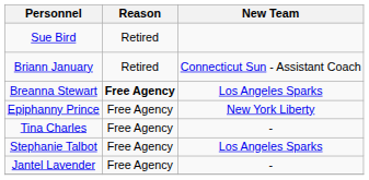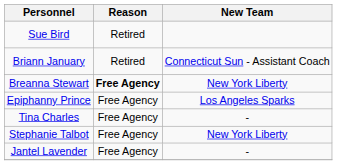 <table class="wikitable" style="text-align: center">
 <tr align="center"  bgcolor="#dddddd">
 <th><strong>Personnel</strong></th>
 <th><strong>Reason</strong></th>
 <th><strong>New Team</strong></th>
 </tr>
 <tr style="height:40px">
 <td><a href='#'>Sue Bird</a></td>
 <td>Retired</td>
 <td></td>
 </tr>
 <tr style="height:40px">
 <td><a href='#'>Briann January</a></td>
 <td>Retired</td>
 <td><a href='#'>Connecticut Sun</a> - Assistant Coach</td>
 </tr>
 <tr>
 <td><a href='#'>Breanna Stewart</a></td>
 <td><strong>Free Agency</strong></td>
-<td><a href='#'>Los Angeles Sparks</a></td>
+<td><a href='#'>New York Liberty</a></td>
 </tr>
 <tr>
 <td><a href='#'>Epiphanny Prince</a></td>
 <td>Free Agency</td>
-<td><a href='#'>New York Liberty</a></td>
+<td><a href='#'>Los Angeles Sparks</a></td>
 </tr>
 <tr>
 <td><a href='#'>Tina Charles</a></td>
 <td>Free Agency</td>
 <td>-</td>
 </tr>
 <tr>
 <td><a href='#'>Stephanie Talbot</a></td>
 <td>Free Agency</td>
-<td><a href='#'>Los Angeles Sparks</a></td>
+<td><a href='#'>New York Liberty</a></td>
 </tr>
 <tr>
 <td><a href='#'>Jantel Lavender</a></td>
 <td>Free Agency</td>
 <td>-</td>
 </tr>
 <tr>
 </tr>
 </table>
